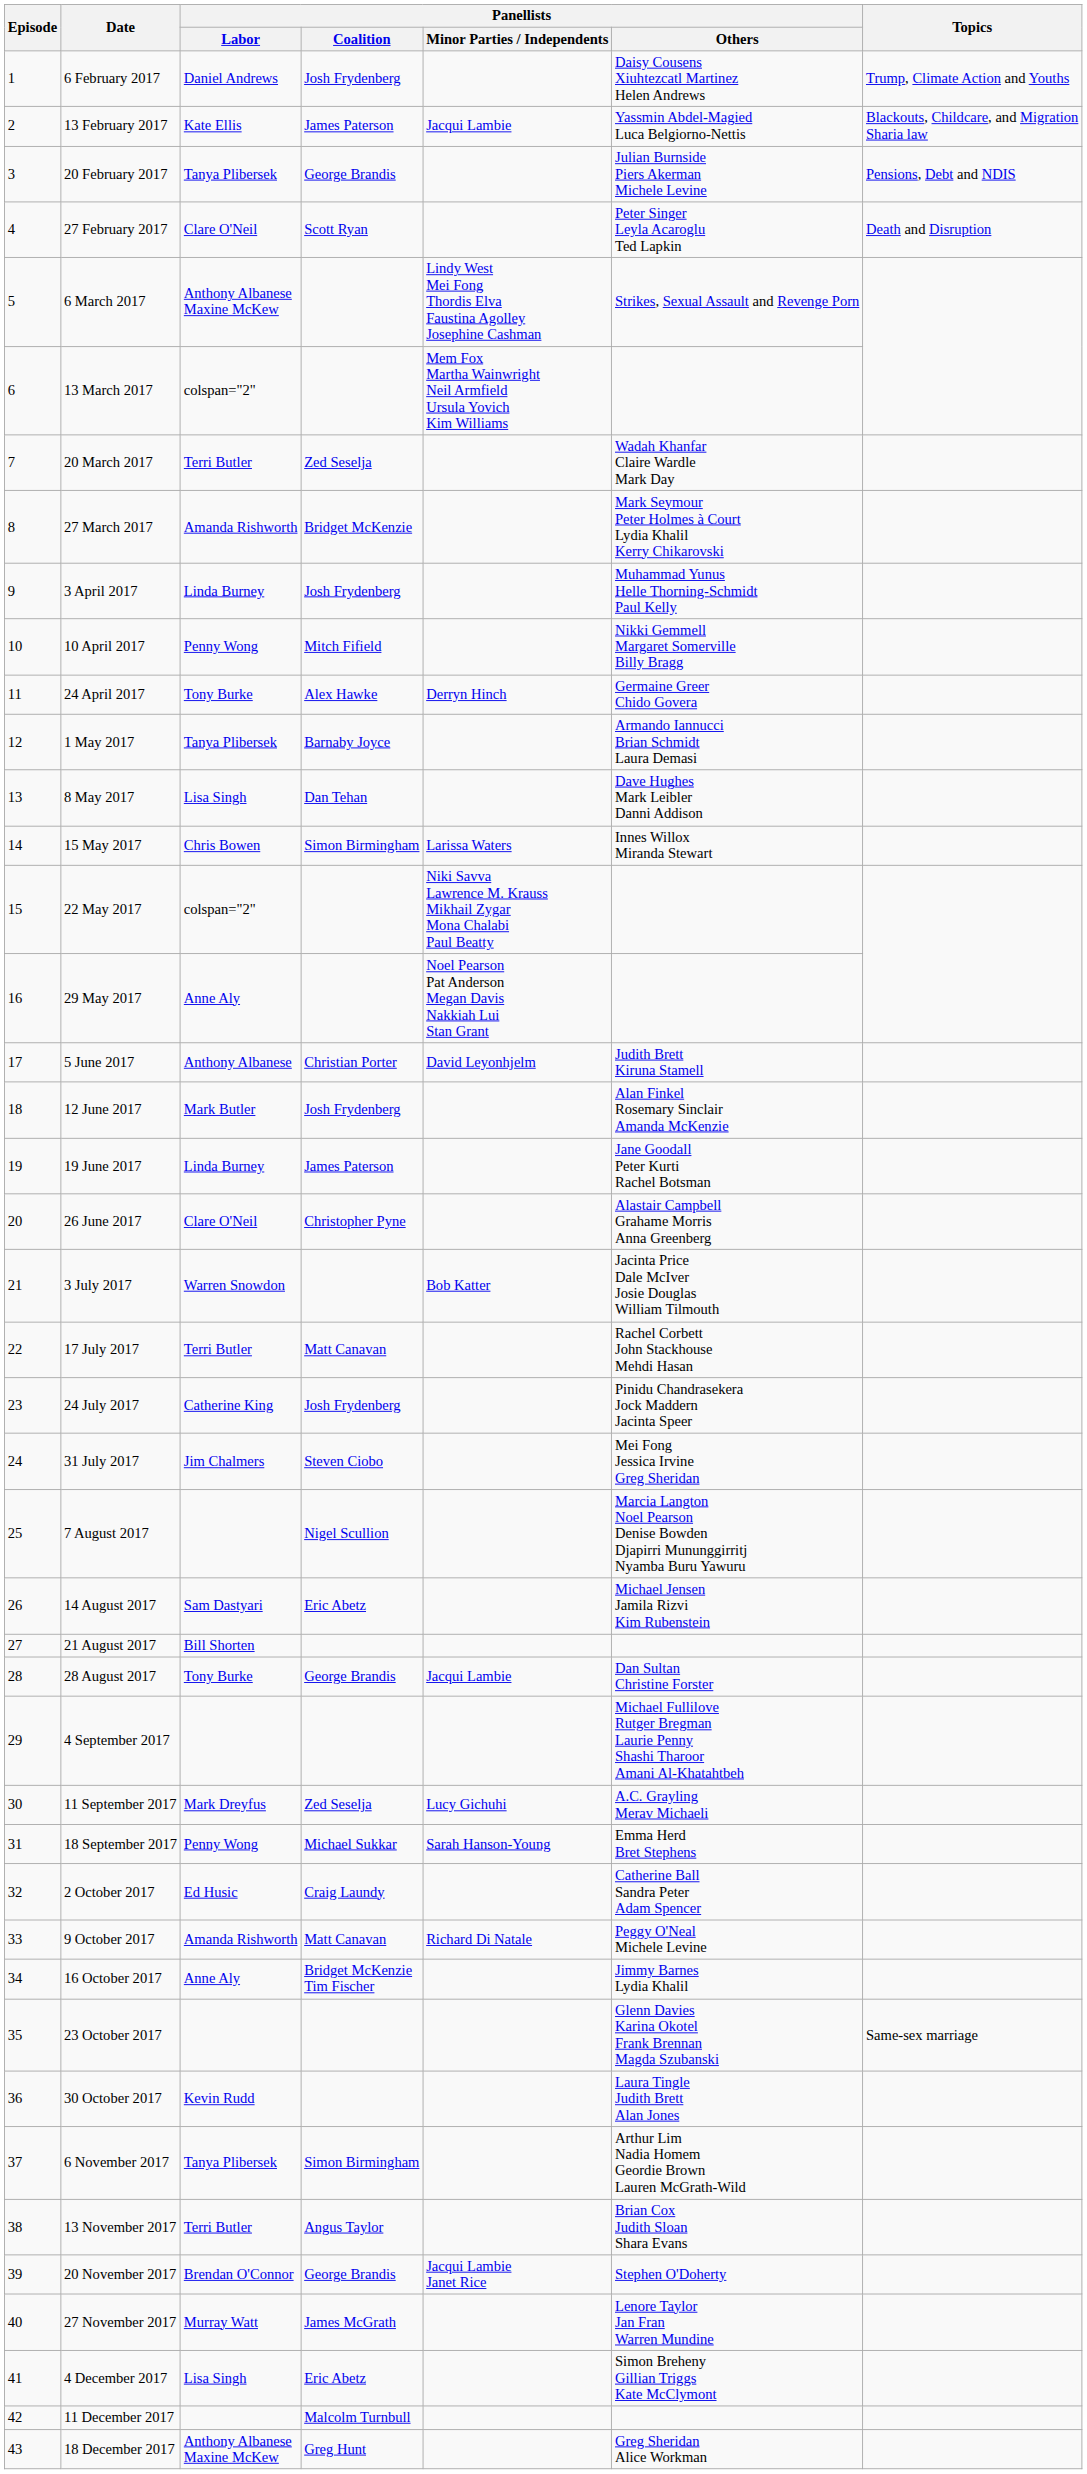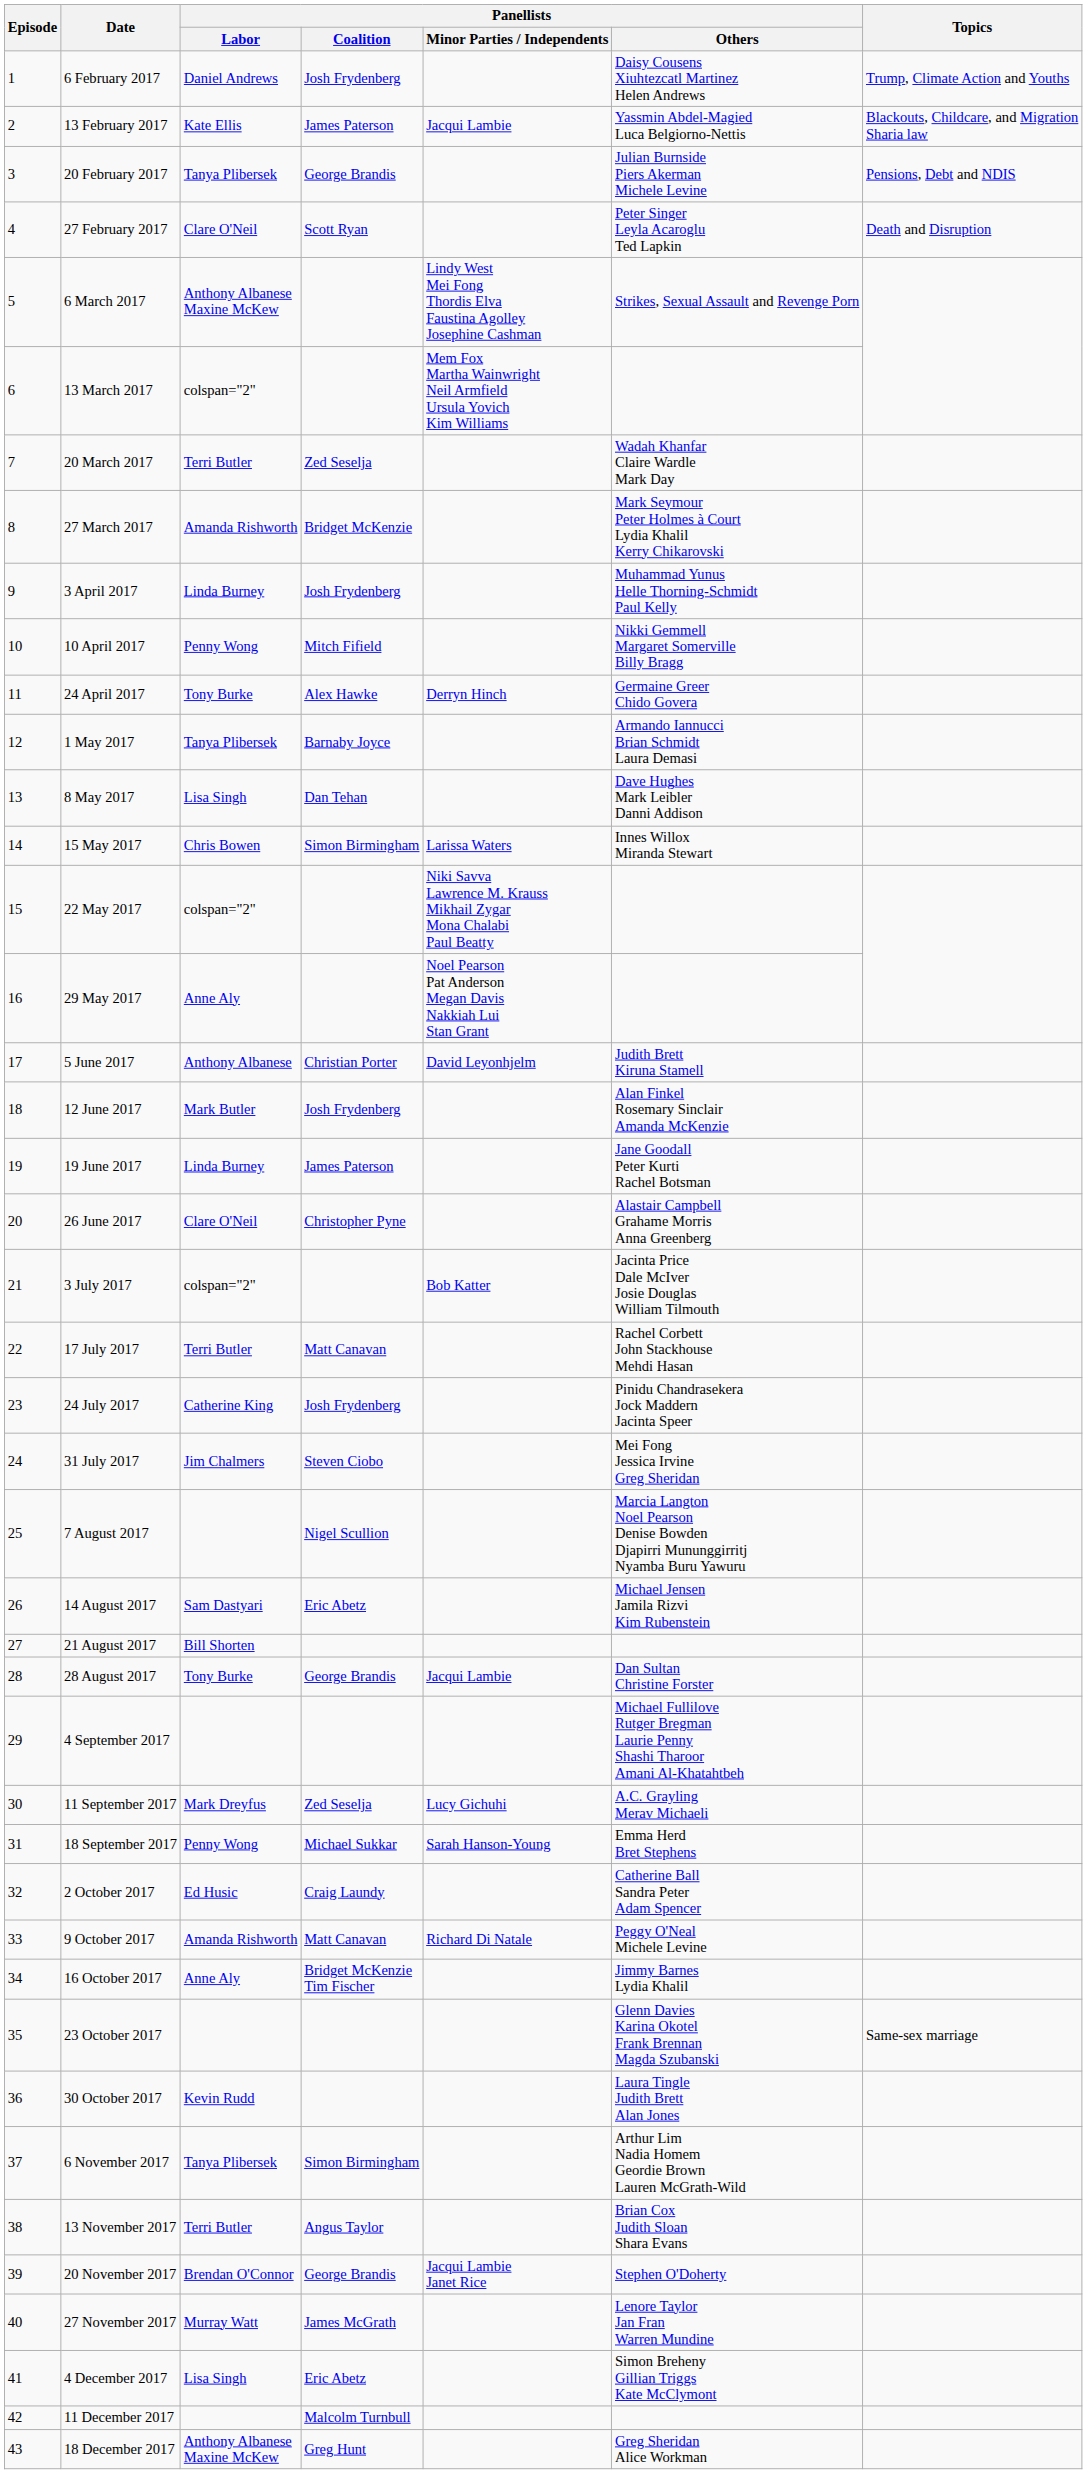 <table class="wikitable">
 <tr>
 <th rowspan="2">Episode</th>
 <th rowspan="2">Date</th>
 <th colspan="4">Panellists</th>
 <th rowspan="2">Topics</th>
 </tr>
 <tr>
 <th><a href='#'>Labor</a></th>
 <th><a href='#'>Coalition</a></th>
 <th>Minor Parties / Independents</th>
 <th>Others</th>
 </tr>
 <tr>
 <td>1</td>
 <td>6 February 2017</td>
 <td><a href='#'>Daniel Andrews</a></td>
 <td><a href='#'>Josh Frydenberg</a></td>
 <td></td>
 <td><a href='#'>Daisy Cousens</a><br><a href='#'>Xiuhtezcatl Martinez</a><br>Helen Andrews</td>
 <td><a href='#'>Trump</a>, <a href='#'>Climate Action</a> and <a href='#'>Youths</a></td>
 </tr>
 <tr>
 <td>2</td>
 <td>13 February 2017</td>
 <td><a href='#'>Kate Ellis</a></td>
 <td><a href='#'>James Paterson</a></td>
 <td><a href='#'>Jacqui Lambie</a></td>
 <td><a href='#'>Yassmin Abdel-Magied</a><br>Luca Belgiorno-Nettis</td>
 <td><a href='#'>Blackouts</a>, <a href='#'>Childcare</a>, and <a href='#'>Migration</a><br><a href='#'>Sharia law</a></td>
 </tr>
 <tr>
 <td>3</td>
 <td>20 February 2017</td>
 <td><a href='#'>Tanya Plibersek</a></td>
 <td><a href='#'>George Brandis</a></td>
 <td></td>
 <td><a href='#'>Julian Burnside</a><br><a href='#'>Piers Akerman</a><br><a href='#'>Michele Levine</a></td>
 <td><a href='#'>Pensions</a>, <a href='#'>Debt</a> and <a href='#'>NDIS</a></td>
 </tr>
 <tr>
 <td>4</td>
 <td>27 February 2017</td>
 <td><a href='#'>Clare O'Neil</a></td>
 <td><a href='#'>Scott Ryan</a></td>
 <td></td>
 <td><a href='#'>Peter Singer</a><br><a href='#'>Leyla Acaroglu</a><br>Ted Lapkin</td>
 <td><a href='#'>Death</a> and <a href='#'>Disruption</a></td>
 </tr>
 <tr>
 <td>5</td>
 <td>6 March 2017</td>
 <td><a href='#'>Anthony Albanese</a><br><a href='#'>Maxine McKew</a></td>
 <td></td>
 <td><a href='#'>Lindy West</a><br><a href='#'>Mei Fong</a><br><a href='#'>Thordis Elva</a><br><a href='#'>Faustina Agolley</a><br><a href='#'>Josephine Cashman</a></td>
 <td><a href='#'>Strikes</a>, <a href='#'>Sexual Assault</a> and <a href='#'>Revenge Porn</a></td>
 </tr>
 <tr>
 <td>6</td>
 <td>13 March 2017</td>
 <td>colspan="2" </td>
 <td></td>
 <td><a href='#'>Mem Fox</a><br><a href='#'>Martha Wainwright</a><br><a href='#'>Neil Armfield</a><br><a href='#'>Ursula Yovich</a><br><a href='#'>Kim Williams</a></td>
 <td></td>
 </tr>
 <tr>
 <td>7</td>
 <td>20 March 2017</td>
 <td><a href='#'>Terri Butler</a></td>
 <td><a href='#'>Zed Seselja</a></td>
 <td></td>
 <td><a href='#'>Wadah Khanfar</a><br>Claire Wardle<br>Mark Day</td>
 <td></td>
 </tr>
 <tr>
 <td>8</td>
 <td>27 March 2017</td>
 <td><a href='#'>Amanda Rishworth</a></td>
 <td><a href='#'>Bridget McKenzie</a></td>
 <td></td>
 <td><a href='#'>Mark Seymour</a><br><a href='#'>Peter Holmes à Court</a><br>Lydia Khalil<br><a href='#'>Kerry Chikarovski</a></td>
 <td></td>
 </tr>
 <tr>
 <td>9</td>
 <td>3 April 2017</td>
 <td><a href='#'>Linda Burney</a></td>
 <td><a href='#'>Josh Frydenberg</a></td>
 <td></td>
 <td><a href='#'>Muhammad Yunus</a><br><a href='#'>Helle Thorning-Schmidt</a><br><a href='#'>Paul Kelly</a></td>
 <td></td>
 </tr>
 <tr>
 <td>10</td>
 <td>10 April 2017</td>
 <td><a href='#'>Penny Wong</a></td>
 <td><a href='#'>Mitch Fifield</a></td>
 <td></td>
 <td><a href='#'>Nikki Gemmell</a><br><a href='#'>Margaret Somerville</a><br><a href='#'>Billy Bragg</a></td>
 <td></td>
 </tr>
 <tr>
 <td>11</td>
 <td>24 April 2017</td>
 <td><a href='#'>Tony Burke</a></td>
 <td><a href='#'>Alex Hawke</a></td>
 <td><a href='#'>Derryn Hinch</a></td>
 <td><a href='#'>Germaine Greer</a><br><a href='#'>Chido Govera</a></td>
 <td></td>
 </tr>
 <tr>
 <td>12</td>
 <td>1 May 2017</td>
 <td><a href='#'>Tanya Plibersek</a></td>
 <td><a href='#'>Barnaby Joyce</a></td>
 <td></td>
 <td><a href='#'>Armando Iannucci</a><br><a href='#'>Brian Schmidt</a><br>Laura Demasi</td>
 <td></td>
 </tr>
 <tr>
 <td>13</td>
 <td>8 May 2017</td>
 <td><a href='#'>Lisa Singh</a></td>
 <td><a href='#'>Dan Tehan</a></td>
 <td></td>
 <td><a href='#'>Dave Hughes</a><br>Mark Leibler<br>Danni Addison</td>
 <td></td>
 </tr>
 <tr>
 <td>14</td>
 <td>15 May 2017</td>
 <td><a href='#'>Chris Bowen</a></td>
 <td><a href='#'>Simon Birmingham</a></td>
 <td><a href='#'>Larissa Waters</a></td>
 <td>Innes Willox<br>Miranda Stewart</td>
 <td></td>
 </tr>
 <tr>
 <td>15</td>
 <td>22 May 2017</td>
 <td>colspan="2" </td>
 <td></td>
 <td><a href='#'>Niki Savva</a><br><a href='#'>Lawrence M. Krauss</a><br><a href='#'>Mikhail Zygar</a><br><a href='#'>Mona Chalabi</a><br><a href='#'>Paul Beatty</a></td>
 <td></td>
 </tr>
 <tr>
 <td>16</td>
 <td>29 May 2017</td>
 <td><a href='#'>Anne Aly</a></td>
 <td></td>
 <td><a href='#'>Noel Pearson</a><br>Pat Anderson<br><a href='#'>Megan Davis</a><br><a href='#'>Nakkiah Lui</a><br><a href='#'>Stan Grant</a></td>
 <td></td>
 </tr>
 <tr>
 <td>17</td>
 <td>5 June 2017</td>
 <td><a href='#'>Anthony Albanese</a></td>
 <td><a href='#'>Christian Porter</a></td>
 <td><a href='#'>David Leyonhjelm</a></td>
 <td><a href='#'>Judith Brett</a><br><a href='#'>Kiruna Stamell</a></td>
 <td></td>
 </tr>
 <tr>
 <td>18</td>
 <td>12 June 2017</td>
 <td><a href='#'>Mark Butler</a></td>
 <td><a href='#'>Josh Frydenberg</a></td>
 <td></td>
 <td><a href='#'>Alan Finkel</a><br>Rosemary Sinclair<br><a href='#'>Amanda McKenzie</a></td>
 <td></td>
 </tr>
 <tr>
 <td>19</td>
 <td>19 June 2017</td>
 <td><a href='#'>Linda Burney</a></td>
 <td><a href='#'>James Paterson</a></td>
 <td></td>
 <td><a href='#'>Jane Goodall</a><br>Peter Kurti<br>Rachel Botsman</td>
 <td></td>
 </tr>
 <tr>
 <td>20</td>
 <td>26 June 2017</td>
 <td><a href='#'>Clare O'Neil</a></td>
 <td><a href='#'>Christopher Pyne</a></td>
 <td></td>
 <td><a href='#'>Alastair Campbell</a><br>Grahame Morris<br>Anna Greenberg</td>
 <td></td>
 </tr>
 <tr>
 <td>21</td>
 <td>3 July 2017</td>
-<td><a href='#'>Warren Snowdon</a></td>
+<td>colspan="2" </td>
 <td></td>
 <td><a href='#'>Bob Katter</a></td>
 <td>Jacinta Price<br>Dale McIver<br>Josie Douglas<br>William Tilmouth</td>
 <td></td>
 </tr>
 <tr>
 <td>22</td>
 <td>17 July 2017</td>
 <td><a href='#'>Terri Butler</a></td>
 <td><a href='#'>Matt Canavan</a></td>
 <td></td>
 <td>Rachel Corbett<br>John Stackhouse<br>Mehdi Hasan</td>
 <td></td>
 </tr>
 <tr>
 <td>23</td>
 <td>24 July 2017</td>
 <td><a href='#'>Catherine King</a></td>
 <td><a href='#'>Josh Frydenberg</a></td>
 <td></td>
 <td>Pinidu Chandrasekera<br>Jock Maddern<br>Jacinta Speer</td>
 <td></td>
 </tr>
 <tr>
 <td>24</td>
 <td>31 July 2017</td>
 <td><a href='#'>Jim Chalmers</a></td>
 <td><a href='#'>Steven Ciobo</a></td>
 <td></td>
 <td>Mei Fong<br>Jessica Irvine<br><a href='#'>Greg Sheridan</a></td>
 <td></td>
 </tr>
 <tr>
 <td>25</td>
 <td>7 August 2017</td>
 <td></td>
 <td><a href='#'>Nigel Scullion</a></td>
 <td></td>
 <td><a href='#'>Marcia Langton</a><br><a href='#'>Noel Pearson</a><br>Denise Bowden<br>Djapirri Mununggirritj<br>Nyamba Buru Yawuru</td>
 <td></td>
 </tr>
 <tr>
 <td>26</td>
 <td>14 August 2017</td>
 <td><a href='#'>Sam Dastyari</a></td>
 <td><a href='#'>Eric Abetz</a></td>
 <td></td>
 <td><a href='#'>Michael Jensen</a><br>Jamila Rizvi<br><a href='#'>Kim Rubenstein</a></td>
 <td></td>
 </tr>
 <tr>
 <td>27</td>
 <td>21 August 2017</td>
 <td><a href='#'>Bill Shorten</a></td>
 <td></td>
 <td></td>
 <td></td>
 <td></td>
 </tr>
 <tr>
 <td>28</td>
 <td>28 August 2017</td>
 <td><a href='#'>Tony Burke</a></td>
 <td><a href='#'>George Brandis</a></td>
 <td><a href='#'>Jacqui Lambie</a></td>
 <td><a href='#'>Dan Sultan</a><br><a href='#'>Christine Forster</a></td>
 <td></td>
 </tr>
 <tr>
 <td>29</td>
 <td>4 September 2017</td>
 <td></td>
 <td></td>
 <td></td>
 <td><a href='#'>Michael Fullilove</a><br><a href='#'>Rutger Bregman</a><br><a href='#'>Laurie Penny</a><br><a href='#'>Shashi Tharoor</a><br><a href='#'>Amani Al-Khatahtbeh</a></td>
 <td></td>
 </tr>
 <tr>
 <td>30</td>
 <td>11 September 2017</td>
 <td><a href='#'>Mark Dreyfus</a></td>
 <td><a href='#'>Zed Seselja</a></td>
 <td><a href='#'>Lucy Gichuhi</a></td>
 <td><a href='#'>A.C. Grayling</a><br><a href='#'>Merav Michaeli</a></td>
 <td></td>
 </tr>
 <tr>
 <td>31</td>
 <td>18 September 2017</td>
 <td><a href='#'>Penny Wong</a></td>
 <td><a href='#'>Michael Sukkar</a></td>
 <td><a href='#'>Sarah Hanson-Young</a></td>
 <td>Emma Herd<br><a href='#'>Bret Stephens</a></td>
 <td></td>
 </tr>
 <tr>
 <td>32</td>
 <td>2 October 2017</td>
 <td><a href='#'>Ed Husic</a></td>
 <td><a href='#'>Craig Laundy</a></td>
 <td></td>
 <td><a href='#'>Catherine Ball</a><br>Sandra Peter<br><a href='#'>Adam Spencer</a></td>
 <td></td>
 </tr>
 <tr>
 <td>33</td>
 <td>9 October 2017</td>
 <td><a href='#'>Amanda Rishworth</a></td>
 <td><a href='#'>Matt Canavan</a></td>
 <td><a href='#'>Richard Di Natale</a></td>
 <td><a href='#'>Peggy O'Neal</a><br>Michele Levine</td>
 <td></td>
 </tr>
 <tr>
 <td>34</td>
 <td>16 October 2017</td>
 <td><a href='#'>Anne Aly</a></td>
 <td><a href='#'>Bridget McKenzie</a><br><a href='#'>Tim Fischer</a></td>
 <td></td>
 <td><a href='#'>Jimmy Barnes</a><br>Lydia Khalil</td>
 <td></td>
 </tr>
 <tr>
 <td>35</td>
 <td>23 October 2017</td>
 <td></td>
 <td></td>
 <td></td>
 <td><a href='#'>Glenn Davies</a><br><a href='#'>Karina Okotel</a><br><a href='#'>Frank Brennan</a><br><a href='#'>Magda Szubanski</a></td>
 <td>Same-sex marriage</td>
 </tr>
 <tr>
 <td>36</td>
 <td>30 October 2017</td>
 <td><a href='#'>Kevin Rudd</a></td>
 <td></td>
 <td></td>
 <td><a href='#'>Laura Tingle</a><br><a href='#'>Judith Brett</a><br><a href='#'>Alan Jones</a></td>
 <td></td>
 </tr>
 <tr>
 <td>37</td>
 <td>6 November 2017</td>
 <td><a href='#'>Tanya Plibersek</a></td>
 <td><a href='#'>Simon Birmingham</a></td>
 <td></td>
 <td>Arthur Lim<br>Nadia Homem<br>Geordie Brown<br>Lauren McGrath-Wild</td>
 <td></td>
 </tr>
 <tr>
 <td>38</td>
 <td>13 November 2017</td>
 <td><a href='#'>Terri Butler</a></td>
 <td><a href='#'>Angus Taylor</a></td>
 <td></td>
 <td><a href='#'>Brian Cox</a><br><a href='#'>Judith Sloan</a><br>Shara Evans</td>
 <td></td>
 </tr>
 <tr>
 <td>39</td>
 <td>20 November 2017</td>
 <td><a href='#'>Brendan O'Connor</a></td>
 <td><a href='#'>George Brandis</a></td>
 <td><a href='#'>Jacqui Lambie</a><br><a href='#'>Janet Rice</a></td>
 <td><a href='#'>Stephen O'Doherty</a></td>
 <td></td>
 </tr>
 <tr>
 <td>40</td>
 <td>27 November 2017</td>
 <td><a href='#'>Murray Watt</a></td>
 <td><a href='#'>James McGrath</a></td>
 <td></td>
 <td><a href='#'>Lenore Taylor</a><br><a href='#'>Jan Fran</a><br><a href='#'>Warren Mundine</a></td>
 <td></td>
 </tr>
 <tr>
 <td>41</td>
 <td>4 December  2017</td>
 <td><a href='#'>Lisa Singh</a></td>
 <td><a href='#'>Eric Abetz</a></td>
 <td></td>
 <td>Simon Breheny<br><a href='#'>Gillian Triggs</a><br><a href='#'>Kate McClymont</a></td>
 <td></td>
 </tr>
 <tr>
 <td>42</td>
 <td>11 December  2017</td>
 <td></td>
 <td><a href='#'>Malcolm Turnbull</a></td>
 <td></td>
 <td></td>
 <td></td>
 </tr>
 <tr>
 <td>43</td>
 <td>18 December  2017</td>
 <td><a href='#'>Anthony Albanese</a><br><a href='#'>Maxine McKew</a></td>
 <td><a href='#'>Greg Hunt</a></td>
 <td></td>
 <td><a href='#'>Greg Sheridan</a><br>Alice Workman</td>
 <td></td>
 </tr>
 </table>
